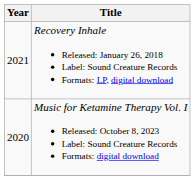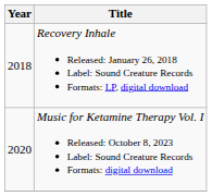 <table class="wikitable">
 <tr>
 <th rowspan="1">Year</th>
 <th rowspan="1">Title</th>
 </tr>
 <tr>
-<td>2021</td>
+<td>2018</td>
 <td><em>Recovery Inhale</em><br><ul><li><small>Released: January 26, 2018</small></li><li><small>Label: Sound Creature Records</small></li><li><small>Formats: <a href='#'>LP</a>, <a href='#'>digital download</a></small></li></ul></td>
 </tr>
 <tr>
 <td>2020</td>
 <td><em>Music for Ketamine Therapy Vol. I</em><br><ul><li><small>Released: October 8, 2023</small></li><li><small>Label: Sound Creature Records</small></li><li><small>Formats: <a href='#'>digital download</a></small></li></ul></td>
 </tr>
 <tr>
 </tr>
 </table>
